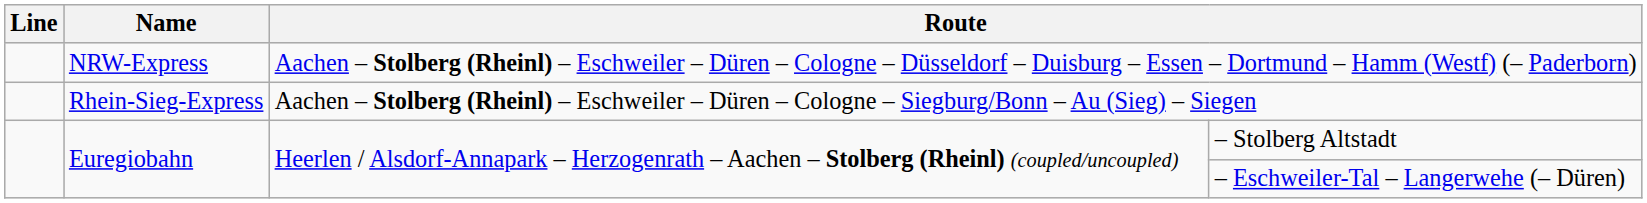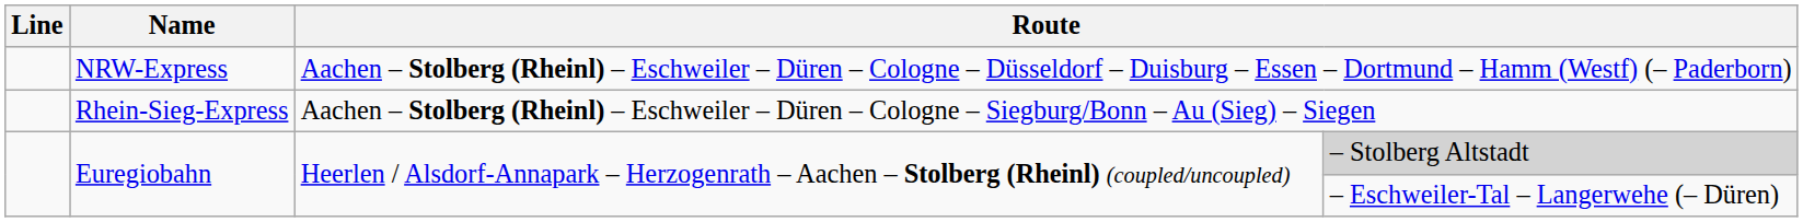 <table class="wikitable">
 <tr>
 <th>Line</th>
 <th>Name</th>
 <th colspan="3">Route</th>
 </tr>
 <tr>
 <td></td>
 <td><a href='#'>NRW-Express</a></td>
 <td colspan="2"><a href='#'>Aachen</a> – <strong>Stolberg (Rheinl)</strong> – <a href='#'>Eschweiler</a> – <a href='#'>Düren</a> – <a href='#'>Cologne</a> – <a href='#'>Düsseldorf</a> – <a href='#'>Duisburg</a> – <a href='#'>Essen</a> – <a href='#'>Dortmund</a> – <a href='#'>Hamm (Westf)</a> (– <a href='#'>Paderborn</a>)</td>
 </tr>
 <tr>
 <td></td>
 <td><a href='#'>Rhein-Sieg-Express</a></td>
 <td colspan="2">Aachen – <strong>Stolberg (Rheinl)</strong> – Eschweiler – Düren – Cologne – <a href='#'>Siegburg/Bonn</a> – <a href='#'>Au (Sieg)</a> – <a href='#'>Siegen</a></td>
 </tr>
 <tr>
 <td rowspan="2"></td>
 <td rowspan="2"><a href='#'>Euregiobahn</a></td>
 <td rowspan="2"><a href='#'>Heerlen</a> / <a href='#'>Alsdorf-Annapark</a> – <a href='#'>Herzogenrath</a> – Aachen – <strong>Stolberg (Rheinl)</strong> <small><em>(coupled/uncoupled)</em></small></td>
-<td>– Stolberg Altstadt</td>
+<td style="background: lightgrey;">– Stolberg Altstadt</td>
 </tr>
 <tr>
 <td>– <a href='#'>Eschweiler-Tal</a> – <a href='#'>Langerwehe</a> (– Düren)</td>
 </tr>
 </table>
